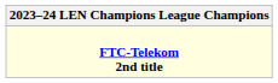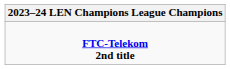 <table class=wikitable style="text-align:center; margin:auto">
 <tr>
 <th>2023–24 LEN Champions League Champions</th>
 </tr>
 <tr>
-<td style="background: lightyellow;"> <br><strong><a href='#'>FTC-Telekom</a></strong><br><strong>2nd title</strong></td>
+<td> <br><strong><a href='#'>FTC-Telekom</a></strong><br><strong>2nd title</strong></td>
 </tr>
 </table>
